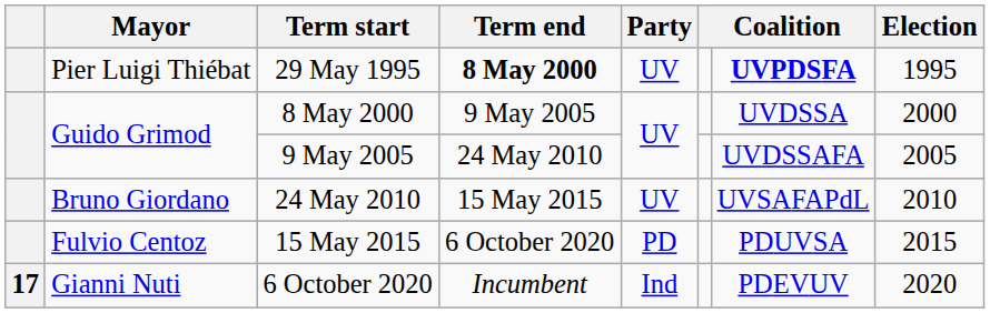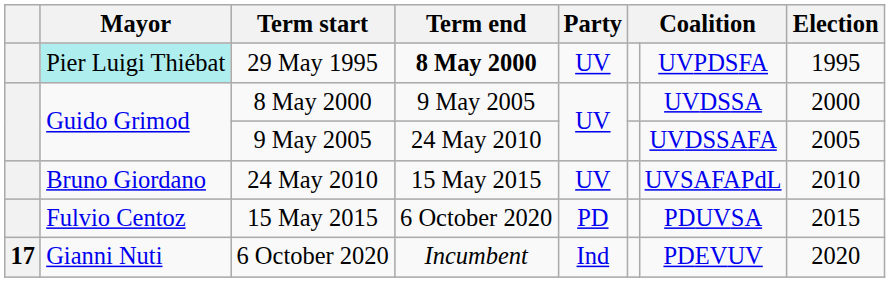 <table class="wikitable">
 <tr>
 <th class=unsortable> </th>
 <th>Mayor</th>
 <th>Term start</th>
 <th>Term end</th>
 <th>Party</th>
 <th colspan="2">Coalition</th>
 <th>Election</th>
 </tr>
 <tr>
 <th style="background:"></th>
-<td>Pier Luigi Thiébat</td>
+<td style="background: paleturquoise;">Pier Luigi Thiébat</td>
 <td align=center>29 May 1995</td>
 <td align=center><strong>8 May 2000</strong></td>
 <td align=center><a href='#'>UV</a></td>
 <td style="background: "></td>
-<td align=center><strong><a href='#'>UV</a><a href='#'>PDS</a><a href='#'>FA</a></strong></td>
+<td align=center><a href='#'>UV</a><a href='#'>PDS</a><a href='#'>FA</a></td>
 <td align=center>1995</td>
 </tr>
 <tr>
 <th rowspan=2 style="background:"></th>
 <td rowspan=2><a href='#'>Guido Grimod</a></td>
 <td align=center>8 May 2000</td>
 <td align=center>9 May 2005</td>
 <td rowspan=2 align=center><a href='#'>UV</a></td>
 <td style="background: "></td>
 <td align=center><a href='#'>UV</a><a href='#'>DS</a><a href='#'>SA</a></td>
 <td align=center>2000</td>
 </tr>
 <tr>
 <td align=center>9 May 2005</td>
 <td align=center>24 May 2010</td>
 <td style="background: "></td>
 <td align=center><a href='#'>UV</a><a href='#'>DS</a><a href='#'>SA</a><a href='#'>FA</a></td>
 <td align=center>2005</td>
 </tr>
 <tr>
 <th style="background:"></th>
 <td><a href='#'>Bruno Giordano</a></td>
 <td align=center>24 May 2010</td>
 <td align=center>15 May 2015</td>
 <td align=center><a href='#'>UV</a></td>
 <td style="background: "></td>
 <td align=center><a href='#'>UV</a><a href='#'>SA</a><a href='#'>FA</a><a href='#'>PdL</a></td>
 <td align=center>2010</td>
 </tr>
 <tr>
 <th style="background:"></th>
 <td><a href='#'>Fulvio Centoz</a></td>
 <td align=center>15 May 2015</td>
 <td align=center>6 October 2020</td>
 <td align=center><a href='#'>PD</a></td>
 <td style="background: "></td>
 <td align=center><a href='#'>PD</a><a href='#'>UV</a><a href='#'>SA</a></td>
 <td align=center>2015</td>
 </tr>
 <tr>
 <th style="background:"><strong>17</strong></th>
 <td><a href='#'>Gianni Nuti</a></td>
 <td align=center>6 October 2020</td>
 <td align=center><em>Incumbent</em></td>
 <td align=center><a href='#'>Ind</a></td>
 <td style="background: "></td>
 <td align=center><a href='#'>PD</a><a href='#'>EV</a><a href='#'>UV</a></td>
 <td align=center>2020</td>
 </tr>
 </table>
